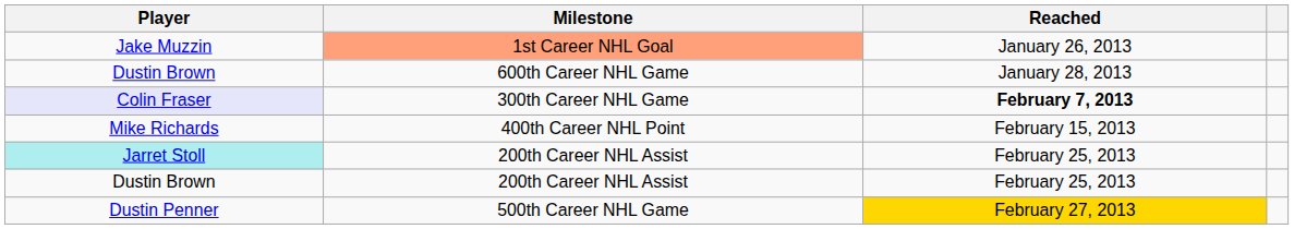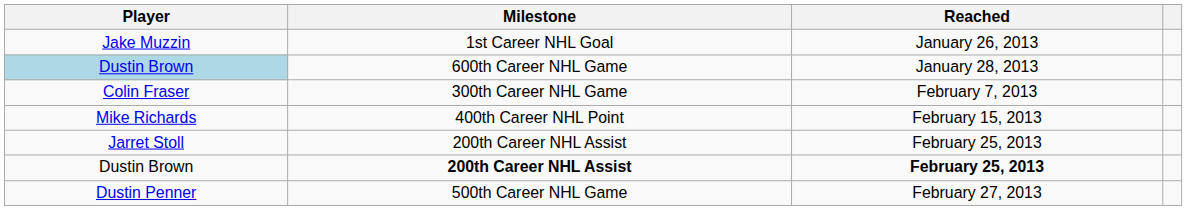 <table class="wikitable" width="60%" style="text-align:center">
 <tr>
 <th>Player</th>
 <th>Milestone</th>
 <th>Reached</th>
 <th></th>
 </tr>
 <tr>
 <td><a href='#'>Jake Muzzin</a></td>
-<td style="background: lightsalmon;">1st Career NHL Goal</td>
+<td>1st Career NHL Goal</td>
 <td>January 26, 2013</td>
 <td></td>
 </tr>
 <tr>
-<td><a href='#'>Dustin Brown</a></td>
+<td style="background: lightblue;"><a href='#'>Dustin Brown</a></td>
 <td>600th Career NHL Game</td>
 <td>January 28, 2013</td>
 <td></td>
 </tr>
 <tr>
-<td style="background: lavender;"><a href='#'>Colin Fraser</a></td>
+<td><a href='#'>Colin Fraser</a></td>
 <td>300th Career NHL Game</td>
-<td><strong>February 7, 2013</strong></td>
+<td>February 7, 2013</td>
 <td></td>
 </tr>
 <tr>
 <td><a href='#'>Mike Richards</a></td>
 <td>400th Career NHL Point</td>
 <td>February 15, 2013</td>
 <td></td>
 </tr>
 <tr>
-<td style="background: paleturquoise;"><a href='#'>Jarret Stoll</a></td>
+<td><a href='#'>Jarret Stoll</a></td>
 <td>200th Career NHL Assist</td>
 <td>February 25, 2013</td>
 <td></td>
 </tr>
 <tr>
 <td>Dustin Brown</td>
-<td>200th Career NHL Assist</td>
-<td>February 25, 2013</td>
+<td><strong>200th Career NHL Assist</strong></td>
+<td><strong>February 25, 2013</strong></td>
 <td></td>
 </tr>
 <tr>
 <td><a href='#'>Dustin Penner</a></td>
 <td>500th Career NHL Game</td>
-<td style="background: gold;">February 27, 2013</td>
+<td>February 27, 2013</td>
 <td></td>
 </tr>
 </table>
